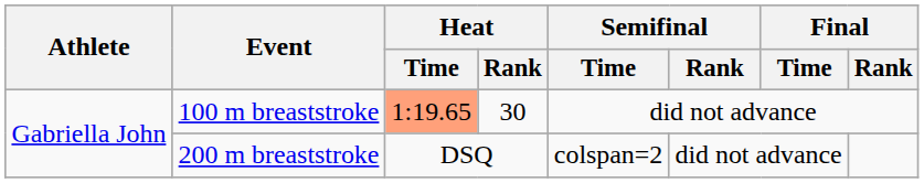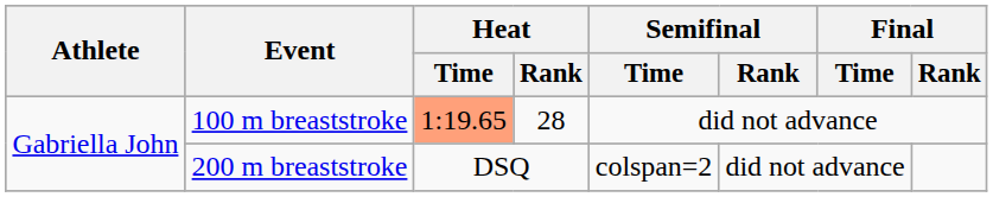 <table class=wikitable style="font-size:90%">
 <tr>
 <th rowspan=2>Athlete</th>
 <th rowspan=2>Event</th>
 <th colspan="2">Heat</th>
 <th colspan="2">Semifinal</th>
 <th colspan="2">Final</th>
 </tr>
 <tr style="font-size:95%">
 <th>Time</th>
 <th>Rank</th>
 <th>Time</th>
 <th>Rank</th>
 <th>Time</th>
 <th>Rank</th>
 </tr>
 <tr align=center>
 <td align=left rowspan=2><a href='#'>Gabriella John</a></td>
 <td align=left><a href='#'>100 m breaststroke</a></td>
 <td style="background: lightsalmon;">1:19.65</td>
-<td>30</td>
+<td>28</td>
 <td colspan=4>did not advance</td>
 </tr>
 <tr align=center>
 <td align=left><a href='#'>200 m breaststroke</a></td>
 <td colspan=2>DSQ</td>
 <td>colspan=2 </td>
 <td colspan=2>did not advance</td>
 </tr>
 </table>
